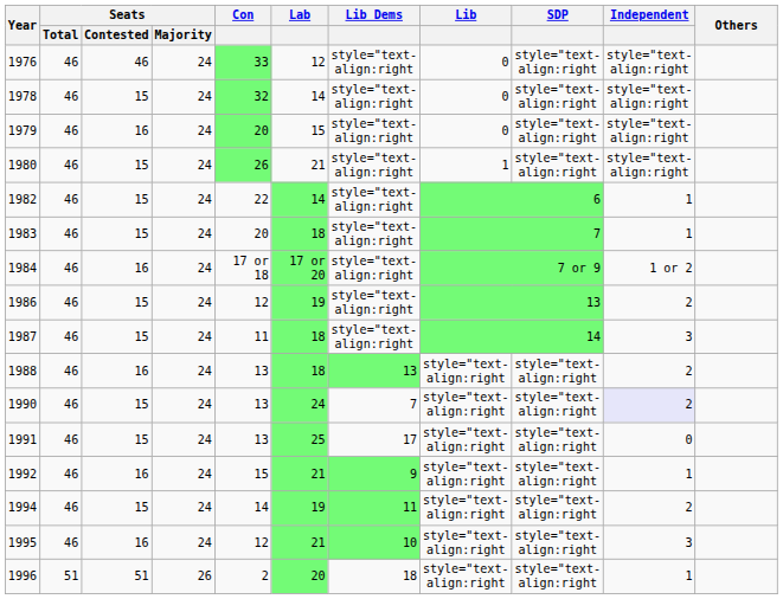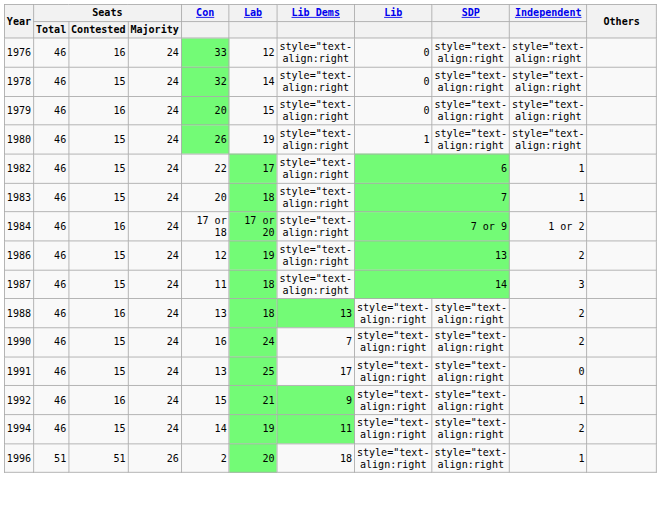 <table class="wikitable sortable mw-datatable" style="text-align:center;font-size:90%;line-height:14px;">
 <tr>
 <th rowspan="2">Year</th>
 <th Colspan="3">Seats</th>
 <th class="unsortable" style="width:50px;"><a href='#'>Con</a></th>
 <th class="unsortable" style="width:50px;"><a href='#'>Lab</a></th>
 <th class="unsortable" style="width:50px;"><a href='#'>Lib Dems</a></th>
 <th class="unsortable" style="width:50px;"><a href='#'>Lib</a></th>
 <th class="unsortable" style="width:50px;"><a href='#'>SDP</a></th>
 <th class="unsortable" style="width:50px;"><a href='#'>Independent</a></th>
 <th rowspan="2" class="unsortable" style="width:75px;">Others</th>
 </tr>
 <tr>
 <th>Total</th>
 <th>Contested</th>
 <th>Majority</th>
 <th data-sort-type="number" style="background:"></th>
 <th data-sort-type="number" style="background:"></th>
 <th data-sort-type="number" style="background:"></th>
 <th data-sort-type="number" style="background:"></th>
 <th data-sort-type="number" style="background:"></th>
 <th data-sort-type="number" style="background:"></th>
 </tr>
 <tr>
 <td>1976</td>
 <td style="text-align:right">46</td>
-<td style="text-align:right">46</td>
+<td style="text-align:right">16</td>
 <td style="text-align:right">24</td>
 <td scope="row" style="text-align: right; font-weight; background-color:#73FB76;">33</td>
 <td style="text-align:right">12</td>
 <td>style="text-align:right </td>
 <td style="text-align:right">0</td>
 <td>style="text-align:right </td>
 <td>style="text-align:right </td>
 <td style="text-align:right"></td>
 </tr>
 <tr>
 <td>1978</td>
 <td style="text-align:right">46</td>
 <td style="text-align:right">15</td>
 <td style="text-align:right">24</td>
 <td scope="row" style="text-align: right; font-weight; background-color:#73FB76;">32</td>
 <td style="text-align:right">14</td>
 <td>style="text-align:right </td>
 <td style="text-align:right">0</td>
 <td>style="text-align:right </td>
 <td>style="text-align:right </td>
 <td style="text-align:right"></td>
 </tr>
 <tr>
 <td>1979</td>
 <td style="text-align:right">46</td>
 <td style="text-align:right">16</td>
 <td style="text-align:right">24</td>
 <td scope="row" style="text-align: right; font-weight; background-color:#73FB76;">20</td>
 <td style="text-align:right">15</td>
 <td>style="text-align:right </td>
 <td style="text-align:right">0</td>
 <td>style="text-align:right </td>
 <td>style="text-align:right </td>
 <td style="text-align:right"></td>
 </tr>
 <tr>
 <td>1980</td>
 <td style="text-align:right">46</td>
 <td style="text-align:right">15</td>
 <td style="text-align:right">24</td>
 <td scope="row" style="text-align: right; font-weight; background-color:#73FB76;">26</td>
-<td style="text-align:right">21</td>
+<td style="text-align:right">19</td>
 <td>style="text-align:right </td>
 <td style="text-align:right">1</td>
 <td>style="text-align:right </td>
 <td>style="text-align:right </td>
 <td style="text-align:right"></td>
 </tr>
 <tr>
 <td>1982</td>
 <td style="text-align:right">46</td>
 <td style="text-align:right">15</td>
 <td style="text-align:right">24</td>
 <td style="text-align:right">22</td>
-<td scope="row" style="text-align: right; font-weight; background-color:#73FB76;">14</td>
+<td scope="row" style="text-align: right; font-weight; background-color:#73FB76;">17</td>
 <td>style="text-align:right </td>
 <td colspan=2 scope="row" style="text-align: right; font-weight; background-color:#73FB76;">6</td>
 <td style="text-align:right">1</td>
 <td style="text-align:right"></td>
 </tr>
 <tr>
 <td>1983</td>
 <td style="text-align:right">46</td>
 <td style="text-align:right">15</td>
 <td style="text-align:right">24</td>
 <td style="text-align:right">20</td>
 <td scope="row" style="text-align: right; font-weight; background-color:#73FB76;">18</td>
 <td>style="text-align:right </td>
 <td colspan=2 scope="row" style="text-align: right; font-weight; background-color:#73FB76;">7</td>
 <td style="text-align:right">1</td>
 <td style="text-align:right"></td>
 </tr>
 <tr>
 <td>1984</td>
 <td style="text-align:right">46</td>
 <td style="text-align:right">16</td>
 <td style="text-align:right">24</td>
 <td style="text-align:right">17 or 18</td>
 <td scope="row" style="text-align: right; font-weight; background-color:#73FB76;">17 or 20</td>
 <td>style="text-align:right </td>
 <td colspan=2 scope="row" style="text-align: right; font-weight; background-color:#73FB76;">7 or 9</td>
 <td style="text-align:right">1 or 2</td>
 <td style="text-align:right"></td>
 </tr>
 <tr>
 <td>1986</td>
 <td style="text-align:right">46</td>
 <td style="text-align:right">15</td>
 <td style="text-align:right">24</td>
 <td style="text-align:right">12</td>
 <td scope="row" style="text-align: right; font-weight; background-color:#73FB76;">19</td>
 <td>style="text-align:right </td>
 <td colspan=2 scope="row" style="text-align: right; font-weight; background-color:#73FB76;">13</td>
 <td style="text-align:right">2</td>
 <td style="text-align:right"></td>
 </tr>
 <tr>
 <td>1987</td>
 <td style="text-align:right">46</td>
 <td style="text-align:right">15</td>
 <td style="text-align:right">24</td>
 <td style="text-align:right">11</td>
 <td scope="row" style="text-align: right; font-weight; background-color:#73FB76;">18</td>
 <td>style="text-align:right </td>
 <td colspan=2 scope="row" style="text-align: right; font-weight; background-color:#73FB76;">14</td>
 <td style="text-align:right">3</td>
 <td style="text-align:right"></td>
 </tr>
 <tr>
 <td>1988</td>
 <td style="text-align:right">46</td>
 <td style="text-align:right">16</td>
 <td style="text-align:right">24</td>
 <td style="text-align:right">13</td>
 <td scope="row" style="text-align: right; font-weight; background-color:#73FB76;">18</td>
 <td scope="row" style="text-align: right; font-weight; background-color:#73FB76;">13</td>
 <td>style="text-align:right </td>
 <td>style="text-align:right </td>
 <td style="text-align:right">2</td>
 <td style="text-align:right"></td>
 </tr>
 <tr>
 <td>1990</td>
 <td style="text-align:right">46</td>
 <td style="text-align:right">15</td>
 <td style="text-align:right">24</td>
-<td style="text-align:right">13</td>
+<td style="text-align:right">16</td>
 <td scope="row" style="text-align: right; font-weight; background-color:#73FB76;">24</td>
 <td style="text-align:right">7</td>
 <td>style="text-align:right </td>
 <td>style="text-align:right </td>
-<td style="background: lavender; text-align:right">2</td>
+<td style="text-align:right">2</td>
 <td style="text-align:right"></td>
 </tr>
 <tr>
 <td>1991</td>
 <td style="text-align:right">46</td>
 <td style="text-align:right">15</td>
 <td style="text-align:right">24</td>
 <td style="text-align:right">13</td>
 <td scope="row" style="text-align: right; font-weight; background-color:#73FB76;">25</td>
 <td style="text-align:right">17</td>
 <td>style="text-align:right </td>
 <td>style="text-align:right </td>
 <td style="text-align:right">0</td>
 <td style="text-align:right"></td>
 </tr>
 <tr>
 <td>1992</td>
 <td style="text-align:right">46</td>
 <td style="text-align:right">16</td>
 <td style="text-align:right">24</td>
 <td style="text-align:right">15</td>
 <td scope="row" style="text-align: right; font-weight; background-color:#73FB76;">21</td>
 <td scope="row" style="text-align: right; font-weight; background-color:#73FB76;">9</td>
 <td>style="text-align:right </td>
 <td>style="text-align:right </td>
 <td style="text-align:right">1</td>
 <td style="text-align:right"></td>
 </tr>
 <tr>
 <td>1994</td>
 <td style="text-align:right">46</td>
 <td style="text-align:right">15</td>
 <td style="text-align:right">24</td>
 <td style="text-align:right">14</td>
 <td scope="row" style="text-align: right; font-weight; background-color:#73FB76;">19</td>
 <td scope="row" style="text-align: right; font-weight; background-color:#73FB76;">11</td>
 <td>style="text-align:right </td>
 <td>style="text-align:right </td>
 <td style="text-align:right">2</td>
 <td style="text-align:right"></td>
 </tr>
 <tr>
-<td>1995</td>
-<td style="text-align:right">46</td>
-<td style="text-align:right">16</td>
-<td style="text-align:right">24</td>
-<td style="text-align:right">12</td>
-<td scope="row" style="text-align: right; font-weight; background-color:#73FB76;">21</td>
-<td scope="row" style="text-align: right; font-weight; background-color:#73FB76;">10</td>
-<td>style="text-align:right </td>
-<td>style="text-align:right </td>
-<td style="text-align:right">3</td>
-<td style="text-align:right"></td>
-</tr>
-<tr>
 <td>1996</td>
 <td style="text-align:right">51</td>
 <td style="text-align:right">51</td>
 <td style="text-align:right">26</td>
 <td style="text-align:right">2</td>
 <td scope="row" style="text-align: right; font-weight; background-color:#73FB76;">20</td>
 <td style="text-align:right">18</td>
 <td>style="text-align:right </td>
 <td>style="text-align:right </td>
 <td style="text-align:right">1</td>
 <td style="text-align:right"></td>
 </tr>
 </table>
